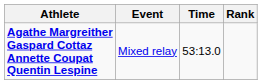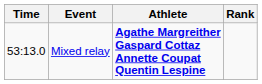 <table class="wikitable" style="font-size:90%">
 <tr>
+<th>Time</th>
+<th>Event</th>
 <th>Athlete</th>
-<th>Event</th>
-<th>Time</th>
 <th>Rank</th>
 </tr>
 <tr align=center>
+<td>53:13.0</td>
+<td align=left><a href='#'>Mixed relay</a></td>
 <td align=left><strong><a href='#'>Agathe Margreither</a><br><a href='#'>Gaspard Cottaz</a><br><a href='#'>Annette Coupat</a><br><a href='#'>Quentin Lespine</a></strong></td>
-<td align=left><a href='#'>Mixed relay</a></td>
-<td>53:13.0</td>
 <td></td>
 </tr>
 </table>
